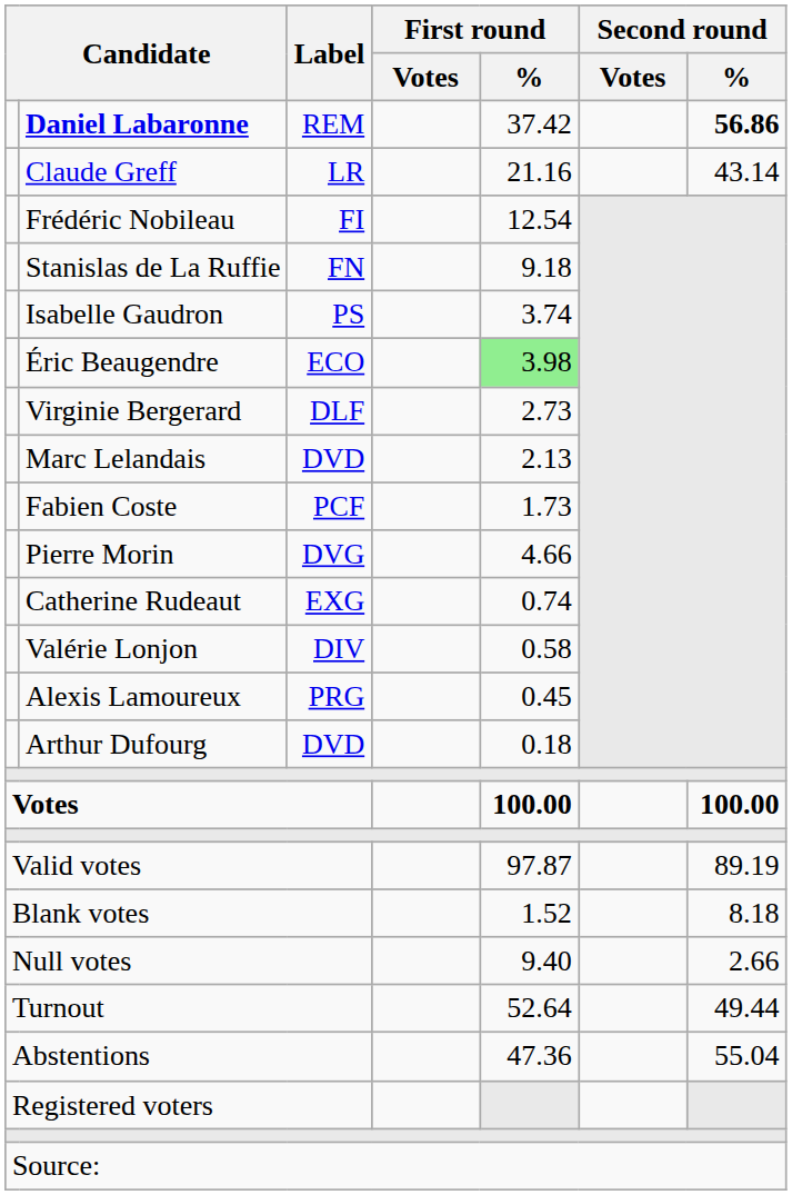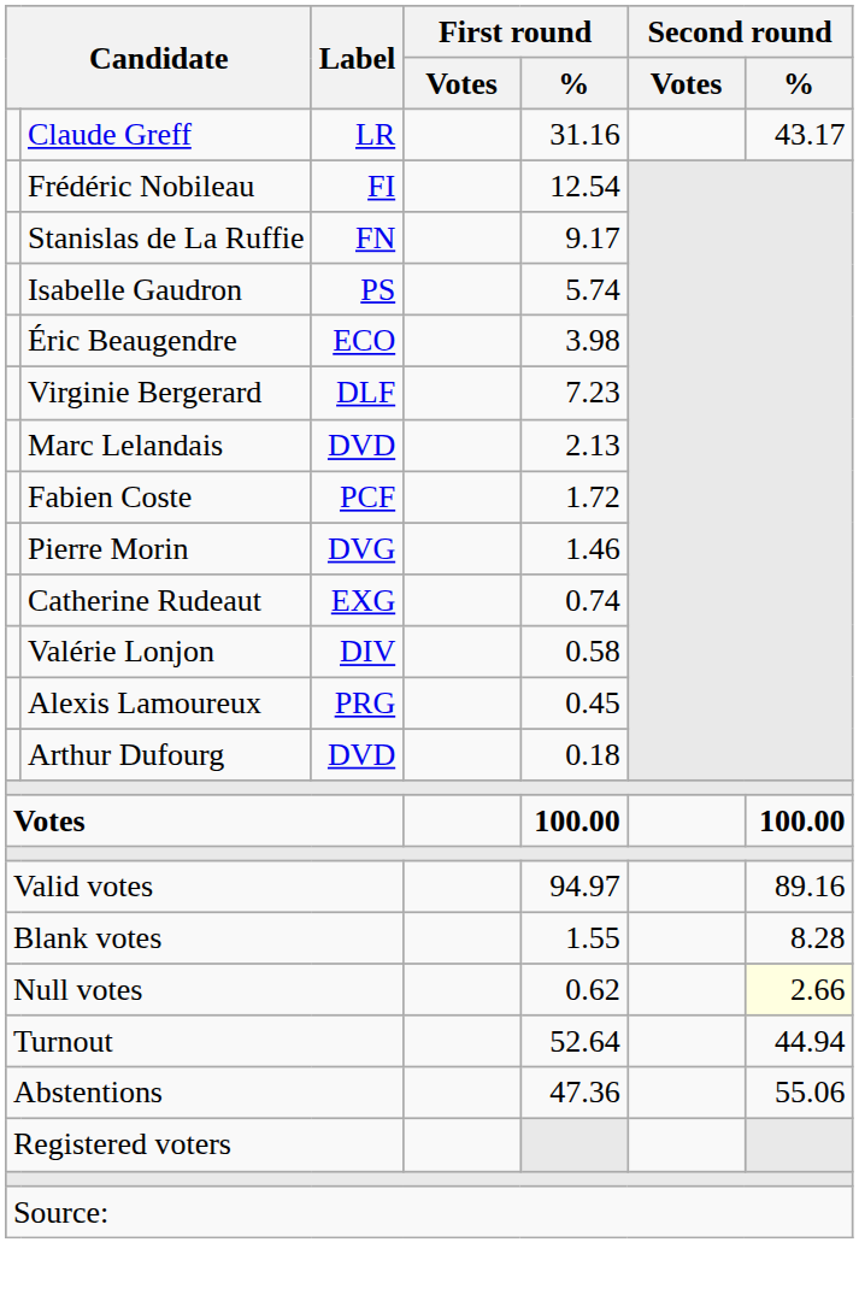 <table class="wikitable" style="text-align:right;font-size:95%;">
 <tr>
 <th rowspan="2" colspan="2">Candidate</th>
 <th rowspan="2">Label</th>
 <th colspan="2">First round</th>
 <th colspan="2">Second round</th>
 </tr>
 <tr>
 <th style="width:50px;">Votes</th>
 <th style="width:45px;">%</th>
 <th style="width:50px;">Votes</th>
 <th style="width:45px;">%</th>
 </tr>
 <tr>
 <td style="color:inherit;background:"></td>
-<td style="text-align:left;"><strong><a href='#'>Daniel Labaronne</a></strong></td>
-<td><a href='#'>REM</a></td>
-<td></td>
-<td>37.42</td>
-<td><strong></strong></td>
-<td><strong>56.86</strong></td>
-</tr>
-<tr>
-<td style="color:inherit;background:"></td>
 <td style="text-align:left;"><a href='#'>Claude Greff</a></td>
 <td><a href='#'>LR</a></td>
 <td></td>
-<td>21.16</td>
+<td>31.16</td>
 <td></td>
-<td>43.14</td>
+<td>43.17</td>
 </tr>
 <tr>
 <td style="color:inherit;background:"></td>
 <td style="text-align:left;">Frédéric Nobileau</td>
 <td><a href='#'>FI</a></td>
 <td></td>
 <td>12.54</td>
 <td colspan="2" rowspan="12" style="background:#E9E9E9;"></td>
 </tr>
 <tr>
 <td style="color:inherit;background:"></td>
 <td style="text-align:left;">Stanislas de La Ruffie</td>
 <td><a href='#'>FN</a></td>
 <td></td>
-<td>9.18</td>
+<td>9.17</td>
 </tr>
 <tr>
 <td style="color:inherit;background:"></td>
 <td style="text-align:left;">Isabelle Gaudron</td>
 <td><a href='#'>PS</a></td>
 <td></td>
-<td>3.74</td>
+<td>5.74</td>
 </tr>
 <tr>
 <td style="color:inherit;background:"></td>
 <td style="text-align:left;">Éric Beaugendre</td>
 <td><a href='#'>ECO</a></td>
 <td></td>
-<td style="background: lightgreen;">3.98</td>
+<td>3.98</td>
 </tr>
 <tr>
 <td style="color:inherit;background:"></td>
 <td style="text-align:left;">Virginie Bergerard</td>
 <td><a href='#'>DLF</a></td>
 <td></td>
-<td>2.73</td>
+<td>7.23</td>
 </tr>
 <tr>
 <td style="color:inherit;background:"></td>
 <td style="text-align:left;">Marc Lelandais</td>
 <td><a href='#'>DVD</a></td>
 <td></td>
 <td>2.13</td>
 </tr>
 <tr>
 <td style="color:inherit;background:"></td>
 <td style="text-align:left;">Fabien Coste</td>
 <td><a href='#'>PCF</a></td>
 <td></td>
-<td>1.73</td>
+<td>1.72</td>
 </tr>
 <tr>
 <td style="color:inherit;background:"></td>
 <td style="text-align:left;">Pierre Morin</td>
 <td><a href='#'>DVG</a></td>
 <td></td>
-<td>4.66</td>
+<td>1.46</td>
 </tr>
 <tr>
 <td style="color:inherit;background:"></td>
 <td style="text-align:left;">Catherine Rudeaut</td>
 <td><a href='#'>EXG</a></td>
 <td></td>
 <td>0.74</td>
 </tr>
 <tr>
 <td style="color:inherit;background:"></td>
 <td style="text-align:left;">Valérie Lonjon</td>
 <td><a href='#'>DIV</a></td>
 <td></td>
 <td>0.58</td>
 </tr>
 <tr>
 <td style="color:inherit;background:"></td>
 <td style="text-align:left;">Alexis Lamoureux</td>
 <td><a href='#'>PRG</a></td>
 <td></td>
 <td>0.45</td>
 </tr>
 <tr>
 <td style="color:inherit;background:"></td>
 <td style="text-align:left;">Arthur Dufourg</td>
 <td><a href='#'>DVD</a></td>
 <td></td>
 <td>0.18</td>
 </tr>
 <tr>
 <td colspan="7" style="background:#E9E9E9;"></td>
 </tr>
 <tr style="font-weight:bold;">
 <td colspan="3" style="text-align:left;">Votes</td>
 <td></td>
 <td>100.00</td>
 <td></td>
 <td>100.00</td>
 </tr>
 <tr>
 <td colspan="7" style="background:#E9E9E9;"></td>
 </tr>
 <tr>
 <td colspan="3" style="text-align:left;">Valid votes</td>
 <td></td>
-<td>97.87</td>
+<td>94.97</td>
 <td></td>
-<td>89.19</td>
+<td>89.16</td>
 </tr>
 <tr>
 <td colspan="3" style="text-align:left;">Blank votes</td>
 <td></td>
-<td>1.52</td>
+<td>1.55</td>
 <td></td>
-<td>8.18</td>
+<td>8.28</td>
 </tr>
 <tr>
 <td colspan="3" style="text-align:left;">Null votes</td>
 <td></td>
-<td>9.40</td>
+<td>0.62</td>
 <td></td>
-<td>2.66</td>
+<td style="background: lightyellow;">2.66</td>
 </tr>
 <tr>
 <td colspan="3" style="text-align:left;">Turnout</td>
 <td></td>
 <td>52.64</td>
 <td></td>
-<td>49.44</td>
+<td>44.94</td>
 </tr>
 <tr>
 <td colspan="3" style="text-align:left;">Abstentions</td>
 <td></td>
 <td>47.36</td>
 <td></td>
-<td>55.04</td>
+<td>55.06</td>
 </tr>
 <tr>
 <td colspan="3" style="text-align:left;">Registered voters</td>
 <td></td>
 <td style="color:inherit;background:#E9E9E9;"></td>
 <td></td>
 <td style="color:inherit;background:#E9E9E9;"></td>
 </tr>
 <tr>
 <td colspan="7" style="background:#E9E9E9;"></td>
 </tr>
 <tr>
 <td colspan="7" style="text-align:left;">Source: </td>
 </tr>
 </table>
